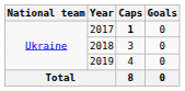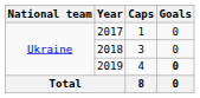 <table class="wikitable" style="text-align: center">
 <tr>
 <th>National team</th>
 <th>Year</th>
 <th>Caps</th>
 <th>Goals</th>
 </tr>
 <tr>
 <td rowspan="3"><a href='#'>Ukraine</a></td>
 <td>2017</td>
-<td><strong>1</strong></td>
+<td>1</td>
 <td>0</td>
 </tr>
 <tr>
 <td>2018</td>
 <td>3</td>
 <td>0</td>
 </tr>
 <tr>
 <td>2019</td>
 <td>4</td>
-<td>0</td>
+<td><strong>0</strong></td>
 </tr>
 <tr>
 <th colspan="2">Total</th>
 <th>8</th>
 <th>0</th>
 </tr>
 </table>
